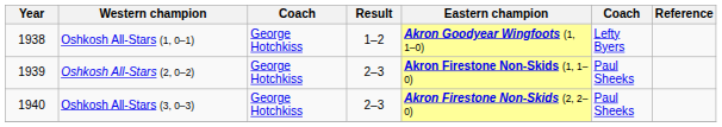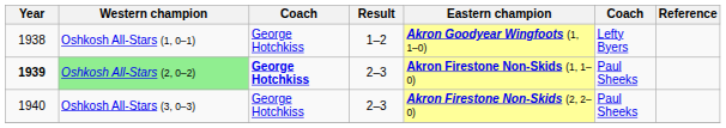 <table class="wikitable sortable" width=75%>
 <tr bgcolor="#efefef">
 <th width=8%>Year</th>
 <th width=30%>Western champion</th>
 <th width=15%>Coach</th>
 <th width=8% class="unsortable">Result</th>
 <th width=30%>Eastern champion</th>
 <th width=15%>Coach</th>
 <th width=3% class="unsortable">Reference</th>
 </tr>
 <tr>
 <td align=center>1938</td>
 <td><a href='#'>Oshkosh All-Stars</a> <small>(1, 0–1)</small></td>
 <td><a href='#'>George Hotchkiss</a></td>
 <td align=center>1–2</td>
 <td style="background:#FFFF99"><strong><em><a href='#'>Akron Goodyear Wingfoots</a></em></strong> <small>(1, 1–0)</small></td>
 <td><a href='#'>Lefty Byers</a></td>
 <td align=center></td>
 </tr>
 <tr>
-<td align=center>1939</td>
-<td><em><a href='#'>Oshkosh All-Stars</a></em> <small>(2, 0–2)</small></td>
-<td><a href='#'>George Hotchkiss</a></td>
+<td align=center><strong>1939</strong></td>
+<td style="background: lightgreen;"><em><a href='#'>Oshkosh All-Stars</a></em> <small>(2, 0–2)</small></td>
+<td><strong><a href='#'>George Hotchkiss</a></strong></td>
 <td align=center>2–3</td>
 <td style="background:#FFFF99"><strong><a href='#'>Akron Firestone Non-Skids</a></strong> <small>(1, 1–0)</small></td>
 <td><a href='#'>Paul Sheeks</a></td>
 <td align=center></td>
 </tr>
 <tr>
 <td align=center>1940</td>
 <td><a href='#'>Oshkosh All-Stars</a> <small>(3, 0–3)</small></td>
 <td><a href='#'>George Hotchkiss</a></td>
 <td align=center>2–3</td>
 <td style="background:#FFFF99"><strong><em><a href='#'>Akron Firestone Non-Skids</a></em></strong> <small>(2, 2–0)</small></td>
 <td><a href='#'>Paul Sheeks</a></td>
 <td align=center></td>
 </tr>
 <tr>
 </tr>
 </table>
